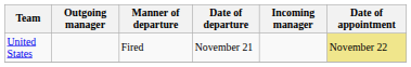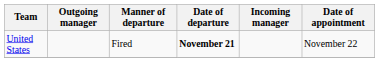 <table class="wikitable sortable">
 <tr>
 <th>Team</th>
 <th>Outgoing manager</th>
 <th>Manner of departure</th>
 <th>Date of departure</th>
 <th>Incoming manager</th>
 <th>Date of appointment</th>
 </tr>
 <tr>
 <td><a href='#'>United States</a></td>
 <td> </td>
 <td>Fired</td>
-<td>November 21</td>
+<td><strong>November 21</strong></td>
 <td> </td>
-<td style="background: khaki;">November 22</td>
+<td>November 22</td>
 </tr>
 <tr>
 </tr>
 </table>
